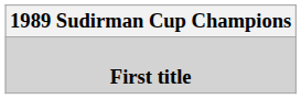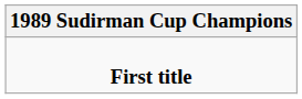 <table class=wikitable style="text-align:center; margin:auto">
 <tr>
 <th>1989 Sudirman Cup Champions</th>
 </tr>
 <tr>
-<td style="background: lightgrey;"><strong></strong> <br> <strong>First title</strong></td>
+<td><strong></strong> <br> <strong>First title</strong></td>
 </tr>
 </table>
